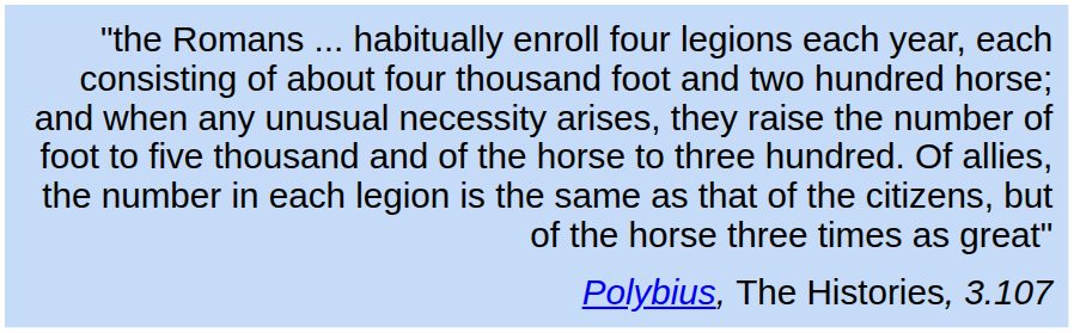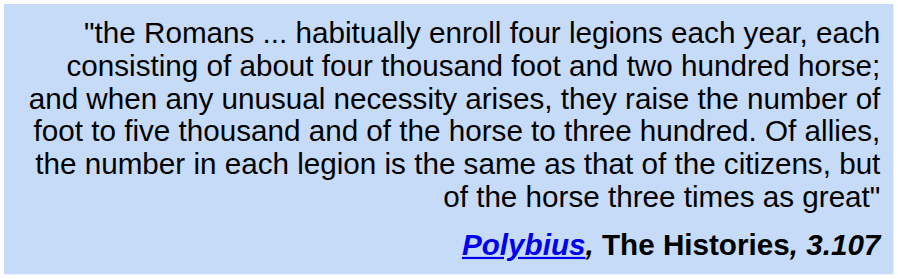 <table class="toccolours" style="float: left; margin-right: 1em; margin-right: 2em; font-size: 85%; background:#c6dbf7; color:black; width:30em; max-width: 40%;" cellspacing="5">
 <tr>
 <td style="text-align: right;">"the Romans ... habitually enroll four legions each year, each consisting of about four thousand foot and two hundred horse; and when any unusual necessity arises, they raise the number of foot to five thousand and of the horse to three hundred. Of allies, the number in each legion is the same as that of the citizens, but of the horse three times as great"</td>
 </tr>
 <tr>
-<td style="text-align: right;"><em><a href='#'>Polybius</a>, </em>The Histories<em>, 3.107</em></td>
+<td style="text-align: right;"><strong><em><a href='#'>Polybius</a>, </em>The Histories<em>, 3.107</em></strong></td>
 </tr>
 </table>
